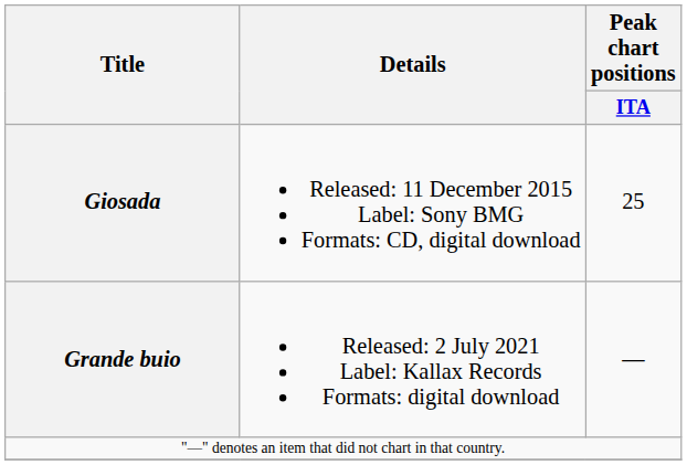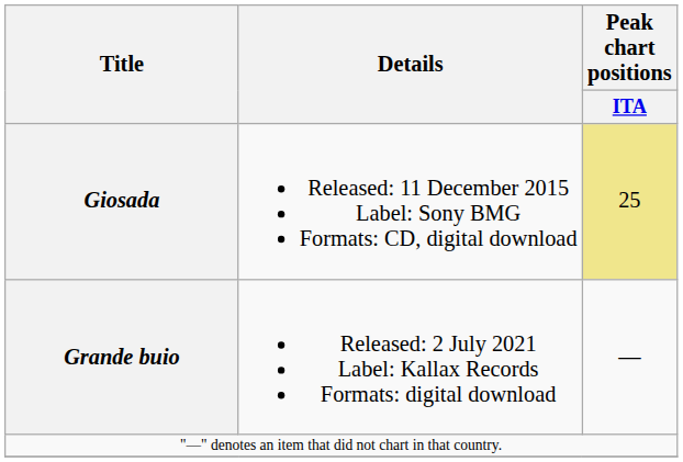 <table class="wikitable plainrowheaders" style="text-align:center;" border="1">
 <tr>
 <th scope="col" rowspan="2" style="width:10em;">Title</th>
 <th scope="col" rowspan="2">Details</th>
 <th scope="col" colspan="1">Peak chart positions</th>
 </tr>
 <tr>
 <th scope="col" style="width:3em;font-size:90%;"><a href='#'>ITA</a><br></th>
 </tr>
 <tr>
 <th scope="row"><em>Giosada</em></th>
 <td><br><ul><li>Released: 11 December 2015</li><li>Label: Sony BMG</li><li>Formats: CD, digital download</li></ul></td>
-<td>25</td>
+<td style="background: khaki;">25</td>
 </tr>
 <tr>
 <th scope="row"><em>Grande buio</em></th>
 <td><br><ul><li>Released: 2 July 2021</li><li>Label: Kallax Records</li><li>Formats: digital download</li></ul></td>
 <td>—</td>
 </tr>
 <tr>
 <td colspan="4" style="text-align:center; font-size:8pt;">"—" denotes an item that did not chart in that country.</td>
 </tr>
 <tr>
 </tr>
 </table>
